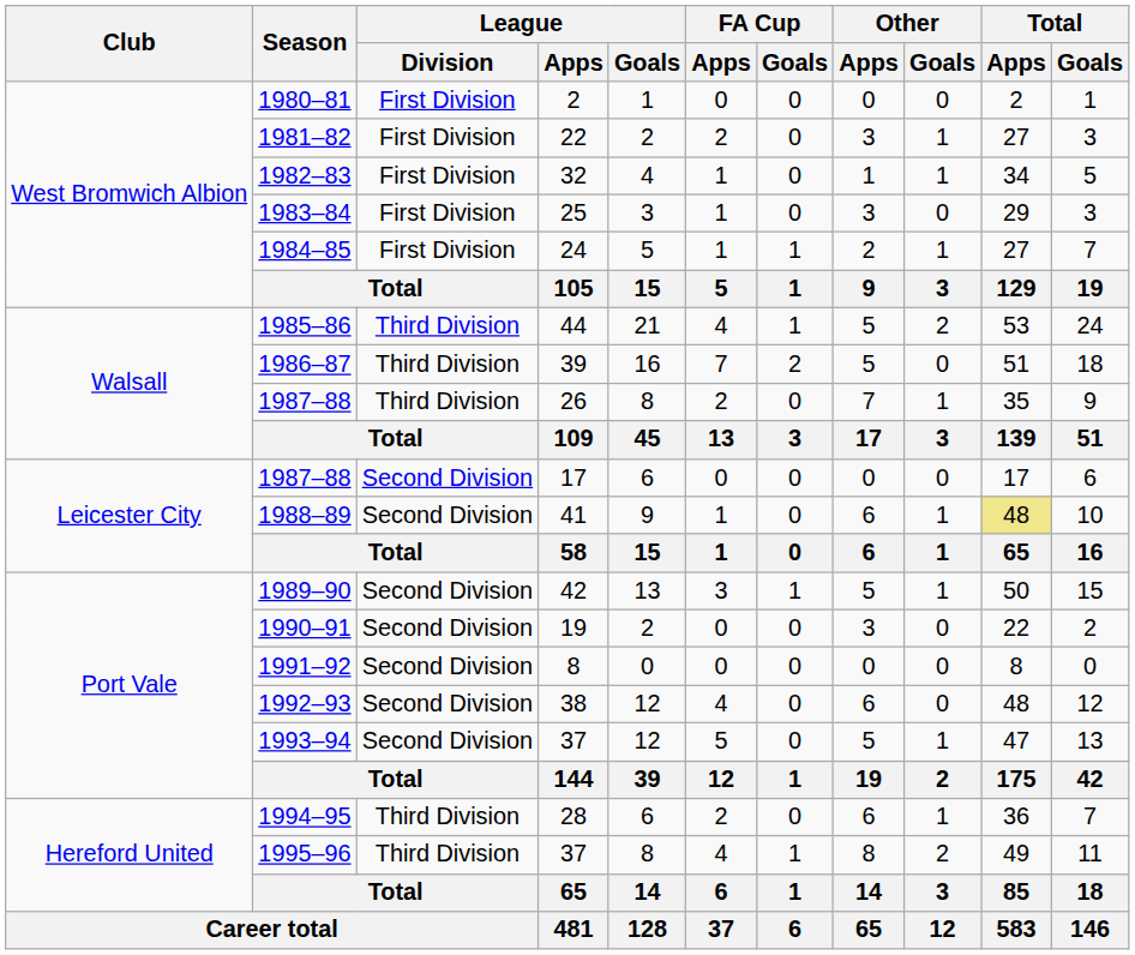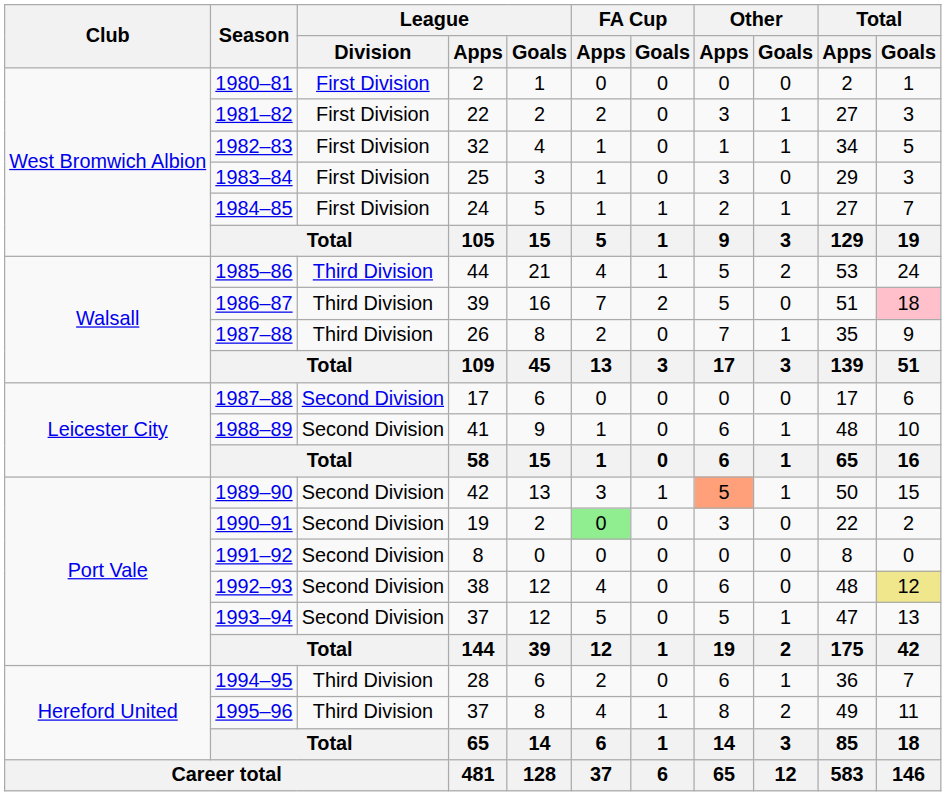 <table class="wikitable" style="text-align:center">
 <tr>
 <th rowspan="2">Club</th>
 <th rowspan="2">Season</th>
 <th colspan="3">League</th>
 <th colspan="2">FA Cup</th>
 <th colspan="2">Other</th>
 <th colspan="2">Total</th>
 </tr>
 <tr>
 <th>Division</th>
 <th>Apps</th>
 <th>Goals</th>
 <th>Apps</th>
 <th>Goals</th>
 <th>Apps</th>
 <th>Goals</th>
 <th>Apps</th>
 <th>Goals</th>
 </tr>
 <tr>
 <td rowspan="6"><a href='#'>West Bromwich Albion</a></td>
 <td><a href='#'>1980–81</a></td>
 <td><a href='#'>First Division</a></td>
 <td>2</td>
 <td>1</td>
 <td>0</td>
 <td>0</td>
 <td>0</td>
 <td>0</td>
 <td>2</td>
 <td>1</td>
 </tr>
 <tr>
 <td><a href='#'>1981–82</a></td>
 <td>First Division</td>
 <td>22</td>
 <td>2</td>
 <td>2</td>
 <td>0</td>
 <td>3</td>
 <td>1</td>
 <td>27</td>
 <td>3</td>
 </tr>
 <tr>
 <td><a href='#'>1982–83</a></td>
 <td>First Division</td>
 <td>32</td>
 <td>4</td>
 <td>1</td>
 <td>0</td>
 <td>1</td>
 <td>1</td>
 <td>34</td>
 <td>5</td>
 </tr>
 <tr>
 <td><a href='#'>1983–84</a></td>
 <td>First Division</td>
 <td>25</td>
 <td>3</td>
 <td>1</td>
 <td>0</td>
 <td>3</td>
 <td>0</td>
 <td>29</td>
 <td>3</td>
 </tr>
 <tr>
 <td><a href='#'>1984–85</a></td>
 <td>First Division</td>
 <td>24</td>
 <td>5</td>
 <td>1</td>
 <td>1</td>
 <td>2</td>
 <td>1</td>
 <td>27</td>
 <td>7</td>
 </tr>
 <tr>
 <th colspan="2">Total</th>
 <th>105</th>
 <th>15</th>
 <th>5</th>
 <th>1</th>
 <th>9</th>
 <th>3</th>
 <th>129</th>
 <th>19</th>
 </tr>
 <tr>
 <td rowspan="4"><a href='#'>Walsall</a></td>
 <td><a href='#'>1985–86</a></td>
 <td><a href='#'>Third Division</a></td>
 <td>44</td>
 <td>21</td>
 <td>4</td>
 <td>1</td>
 <td>5</td>
 <td>2</td>
 <td>53</td>
 <td>24</td>
 </tr>
 <tr>
 <td><a href='#'>1986–87</a></td>
 <td>Third Division</td>
 <td>39</td>
 <td>16</td>
 <td>7</td>
 <td>2</td>
 <td>5</td>
 <td>0</td>
 <td>51</td>
-<td>18</td>
+<td style="background: pink;">18</td>
 </tr>
 <tr>
 <td><a href='#'>1987–88</a></td>
 <td>Third Division</td>
 <td>26</td>
 <td>8</td>
 <td>2</td>
 <td>0</td>
 <td>7</td>
 <td>1</td>
 <td>35</td>
 <td>9</td>
 </tr>
 <tr>
 <th colspan="2">Total</th>
 <th>109</th>
 <th>45</th>
 <th>13</th>
 <th>3</th>
 <th>17</th>
 <th>3</th>
 <th>139</th>
 <th>51</th>
 </tr>
 <tr>
 <td rowspan="3"><a href='#'>Leicester City</a></td>
 <td><a href='#'>1987–88</a></td>
 <td><a href='#'>Second Division</a></td>
 <td>17</td>
 <td>6</td>
 <td>0</td>
 <td>0</td>
 <td>0</td>
 <td>0</td>
 <td>17</td>
 <td>6</td>
 </tr>
 <tr>
 <td><a href='#'>1988–89</a></td>
 <td>Second Division</td>
 <td>41</td>
 <td>9</td>
 <td>1</td>
 <td>0</td>
 <td>6</td>
 <td>1</td>
-<td style="background: khaki;">48</td>
+<td>48</td>
 <td>10</td>
 </tr>
 <tr>
 <th colspan="2">Total</th>
 <th>58</th>
 <th>15</th>
 <th>1</th>
 <th>0</th>
 <th>6</th>
 <th>1</th>
 <th>65</th>
 <th>16</th>
 </tr>
 <tr>
 <td rowspan="6"><a href='#'>Port Vale</a></td>
 <td><a href='#'>1989–90</a></td>
 <td>Second Division</td>
 <td>42</td>
 <td>13</td>
 <td>3</td>
 <td>1</td>
-<td>5</td>
+<td style="background: lightsalmon;">5</td>
 <td>1</td>
 <td>50</td>
 <td>15</td>
 </tr>
 <tr>
 <td><a href='#'>1990–91</a></td>
 <td>Second Division</td>
 <td>19</td>
 <td>2</td>
-<td>0</td>
+<td style="background: lightgreen;">0</td>
 <td>0</td>
 <td>3</td>
 <td>0</td>
 <td>22</td>
 <td>2</td>
 </tr>
 <tr>
 <td><a href='#'>1991–92</a></td>
 <td>Second Division</td>
 <td>8</td>
 <td>0</td>
 <td>0</td>
 <td>0</td>
 <td>0</td>
 <td>0</td>
 <td>8</td>
 <td>0</td>
 </tr>
 <tr>
 <td><a href='#'>1992–93</a></td>
 <td>Second Division</td>
 <td>38</td>
 <td>12</td>
 <td>4</td>
 <td>0</td>
 <td>6</td>
 <td>0</td>
 <td>48</td>
-<td>12</td>
+<td style="background: khaki;">12</td>
 </tr>
 <tr>
 <td><a href='#'>1993–94</a></td>
 <td>Second Division</td>
 <td>37</td>
 <td>12</td>
 <td>5</td>
 <td>0</td>
 <td>5</td>
 <td>1</td>
 <td>47</td>
 <td>13</td>
 </tr>
 <tr>
 <th colspan="2">Total</th>
 <th>144</th>
 <th>39</th>
 <th>12</th>
 <th>1</th>
 <th>19</th>
 <th>2</th>
 <th>175</th>
 <th>42</th>
 </tr>
 <tr>
 <td rowspan="3"><a href='#'>Hereford United</a></td>
 <td><a href='#'>1994–95</a></td>
 <td>Third Division</td>
 <td>28</td>
 <td>6</td>
 <td>2</td>
 <td>0</td>
 <td>6</td>
 <td>1</td>
 <td>36</td>
 <td>7</td>
 </tr>
 <tr>
 <td><a href='#'>1995–96</a></td>
 <td>Third Division</td>
 <td>37</td>
 <td>8</td>
 <td>4</td>
 <td>1</td>
 <td>8</td>
 <td>2</td>
 <td>49</td>
 <td>11</td>
 </tr>
 <tr>
 <th colspan="2">Total</th>
 <th>65</th>
 <th>14</th>
 <th>6</th>
 <th>1</th>
 <th>14</th>
 <th>3</th>
 <th>85</th>
 <th>18</th>
 </tr>
 <tr>
 <th colspan="3">Career total</th>
 <th>481</th>
 <th>128</th>
 <th>37</th>
 <th>6</th>
 <th>65</th>
 <th>12</th>
 <th>583</th>
 <th>146</th>
 </tr>
 </table>
